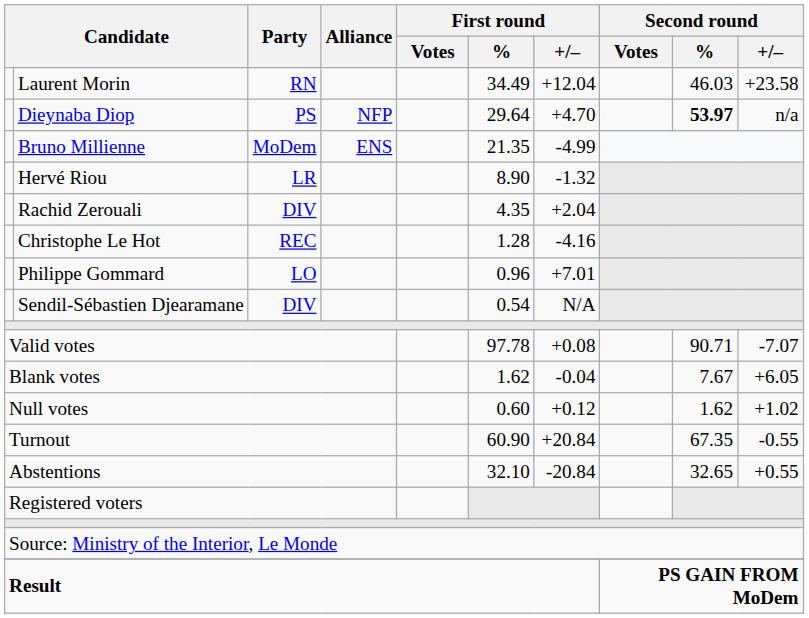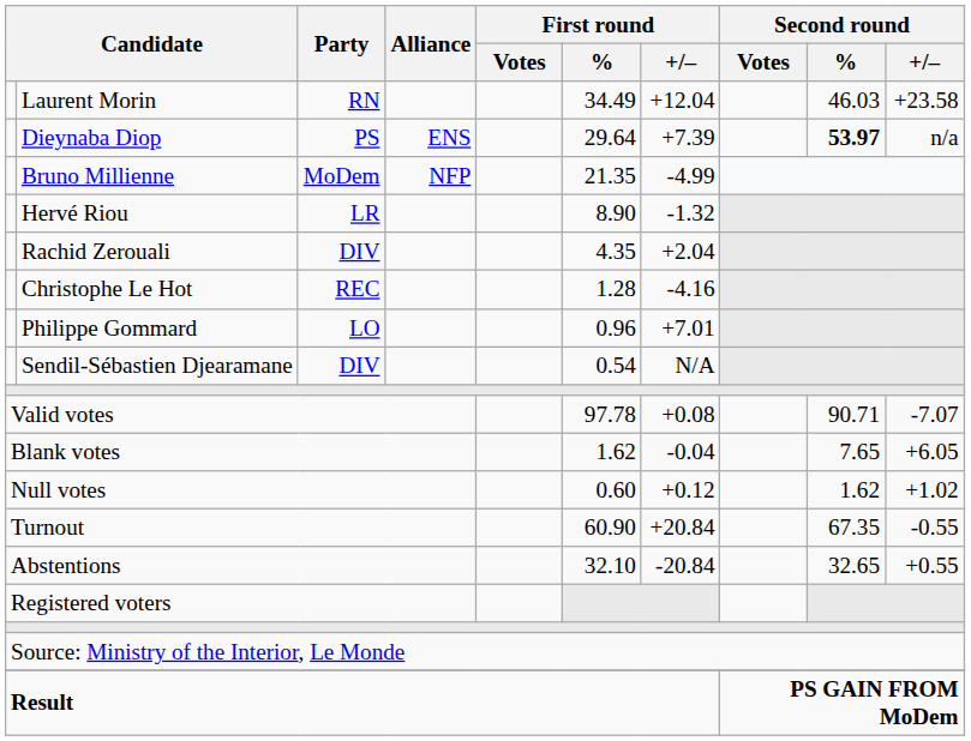 <table class="wikitable" style="text-align:right;font-size:95%;">
 <tr>
 <th rowspan="2" colspan="2">Candidate</th>
 <th rowspan="2">Party</th>
 <th rowspan="2">Alliance</th>
 <th colspan="3">First round</th>
 <th colspan="3">Second round</th>
 </tr>
 <tr>
 <th style="width:50px;">Votes</th>
 <th style="width:45px;">%</th>
 <th style="width:45px;">+/–</th>
 <th style="width:50px;">Votes</th>
 <th style="width:45px;">%</th>
 <th style="width:45px;">+/–</th>
 </tr>
 <tr>
 <td style="color:inherit;background:"></td>
 <td style="text-align:left;">Laurent Morin</td>
 <td><a href='#'>RN</a></td>
 <td></td>
 <td></td>
 <td>34.49</td>
 <td>+12.04</td>
 <td></td>
 <td>46.03</td>
 <td>+23.58</td>
 </tr>
 <tr>
 <td style="color:inherit;background:"></td>
 <td style="text-align:left;"><a href='#'>Dieynaba Diop</a></td>
 <td><a href='#'>PS</a></td>
-<td><a href='#'>NFP</a></td>
+<td><a href='#'>ENS</a></td>
 <td></td>
 <td>29.64</td>
-<td>+4.70</td>
+<td>+7.39</td>
 <td><strong> </strong></td>
 <td><strong>53.97 </strong></td>
 <td>n/a</td>
 </tr>
 <tr>
 <td style="color:inherit;background:"></td>
 <td style="text-align:left;"><a href='#'>Bruno Millienne</a></td>
 <td><a href='#'>MoDem</a></td>
-<td><a href='#'>ENS</a></td>
+<td><a href='#'>NFP</a></td>
 <td></td>
 <td>21.35</td>
 <td>-4.99</td>
 <td colspan="3" style="background:#F8F9FA;"></td>
 </tr>
 <tr>
 <td style="color:inherit;background:"></td>
 <td style="text-align:left;">Hervé Riou</td>
 <td><a href='#'>LR</a></td>
 <td></td>
 <td></td>
 <td>8.90</td>
 <td>-1.32</td>
 <td colspan="3" style="background:#E9E9E9;"></td>
 </tr>
 <tr>
 <td style="color:inherit;background:"></td>
 <td style="text-align:left;">Rachid Zerouali</td>
 <td><a href='#'>DIV</a></td>
 <td></td>
 <td></td>
 <td>4.35</td>
 <td>+2.04</td>
 <td colspan="3" style="background:#E9E9E9;"></td>
 </tr>
 <tr>
 <td style="color:inherit;background:"></td>
 <td style="text-align:left;">Christophe Le Hot</td>
 <td><a href='#'>REC</a></td>
 <td></td>
 <td></td>
 <td>1.28</td>
 <td>-4.16</td>
 <td colspan="3" style="background:#E9E9E9;"></td>
 </tr>
 <tr>
 <td style="color:inherit;background:"></td>
 <td style="text-align:left;">Philippe Gommard</td>
 <td><a href='#'>LO</a></td>
 <td></td>
 <td></td>
 <td>0.96</td>
 <td>+7.01</td>
 <td colspan="3" style="background:#E9E9E9;"></td>
 </tr>
 <tr>
 <td style="color:inherit;background:"></td>
 <td style="text-align:left;">Sendil-Sébastien Djearamane</td>
 <td><a href='#'>DIV</a></td>
 <td></td>
 <td></td>
 <td>0.54</td>
 <td>N/A</td>
 <td colspan="3" style="background:#E9E9E9;"></td>
 </tr>
 <tr>
 <td colspan="10" style="background:#E9E9E9;"></td>
 </tr>
 <tr>
 <td colspan="4" style="text-align:left;">Valid votes</td>
 <td></td>
 <td>97.78</td>
 <td>+0.08</td>
 <td></td>
 <td>90.71</td>
 <td>-7.07</td>
 </tr>
 <tr>
 <td colspan="4" style="text-align:left;">Blank votes</td>
 <td></td>
 <td>1.62</td>
 <td>-0.04</td>
 <td></td>
-<td>7.67</td>
+<td>7.65</td>
 <td>+6.05</td>
 </tr>
 <tr>
 <td colspan="4" style="text-align:left;">Null votes</td>
 <td></td>
 <td>0.60</td>
 <td>+0.12</td>
 <td></td>
 <td>1.62</td>
 <td>+1.02</td>
 </tr>
 <tr>
 <td colspan="4" style="text-align:left;">Turnout</td>
 <td></td>
 <td>60.90</td>
 <td>+20.84</td>
 <td></td>
 <td>67.35</td>
 <td>-0.55</td>
 </tr>
 <tr>
 <td colspan="4" style="text-align:left;">Abstentions</td>
 <td></td>
 <td>32.10</td>
 <td>-20.84</td>
 <td></td>
 <td>32.65</td>
 <td>+0.55</td>
 </tr>
 <tr>
 <td colspan="4" style="text-align:left;">Registered voters</td>
 <td></td>
 <td colspan="2" style="background:#E9E9E9;"></td>
 <td></td>
 <td colspan="2" style="background:#E9E9E9;"></td>
 </tr>
 <tr>
 <td colspan="10" style="background:#E9E9E9;"></td>
 </tr>
 <tr>
 <td colspan="10" style="text-align:left;">Source: <a href='#'>Ministry of the Interior</a>, <a href='#'>Le Monde</a></td>
 </tr>
 <tr>
 </tr>
 <tr style="font-weight:bold">
 <td colspan="7" style="text-align:left;">Result</td>
 <td colspan="7" style="background-color:">PS GAIN FROM MoDem</td>
 </tr>
 </table>
